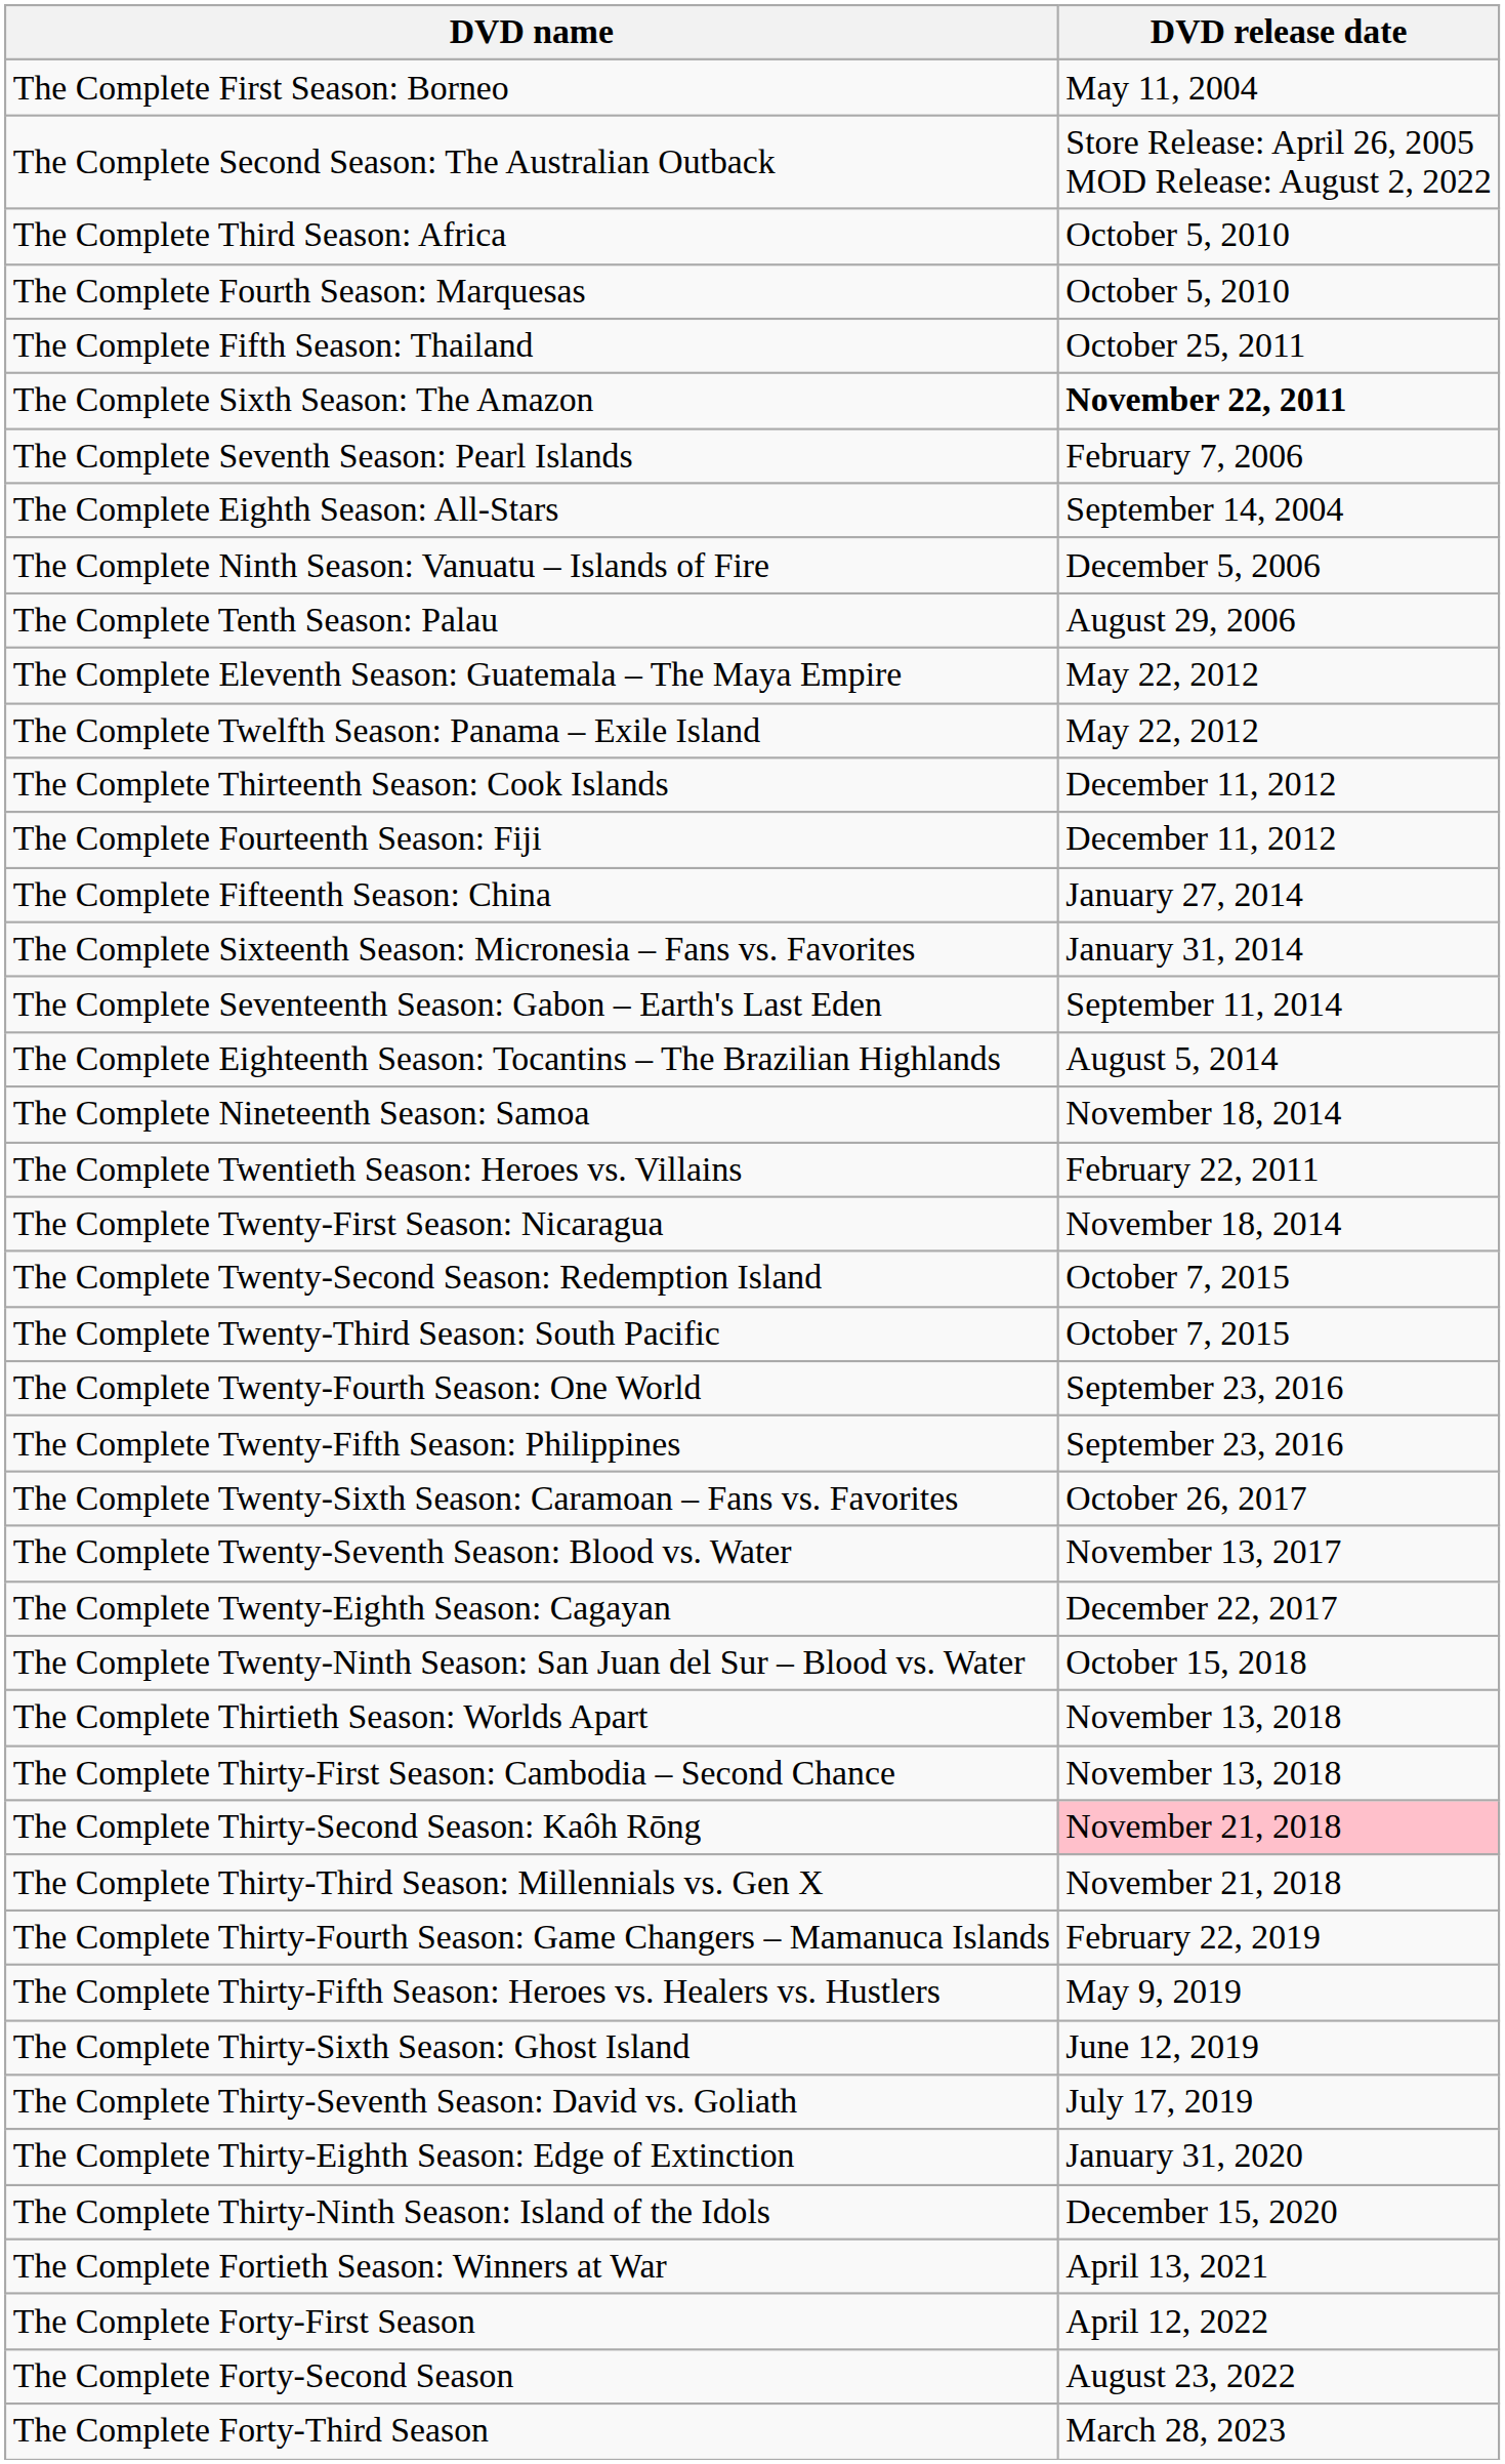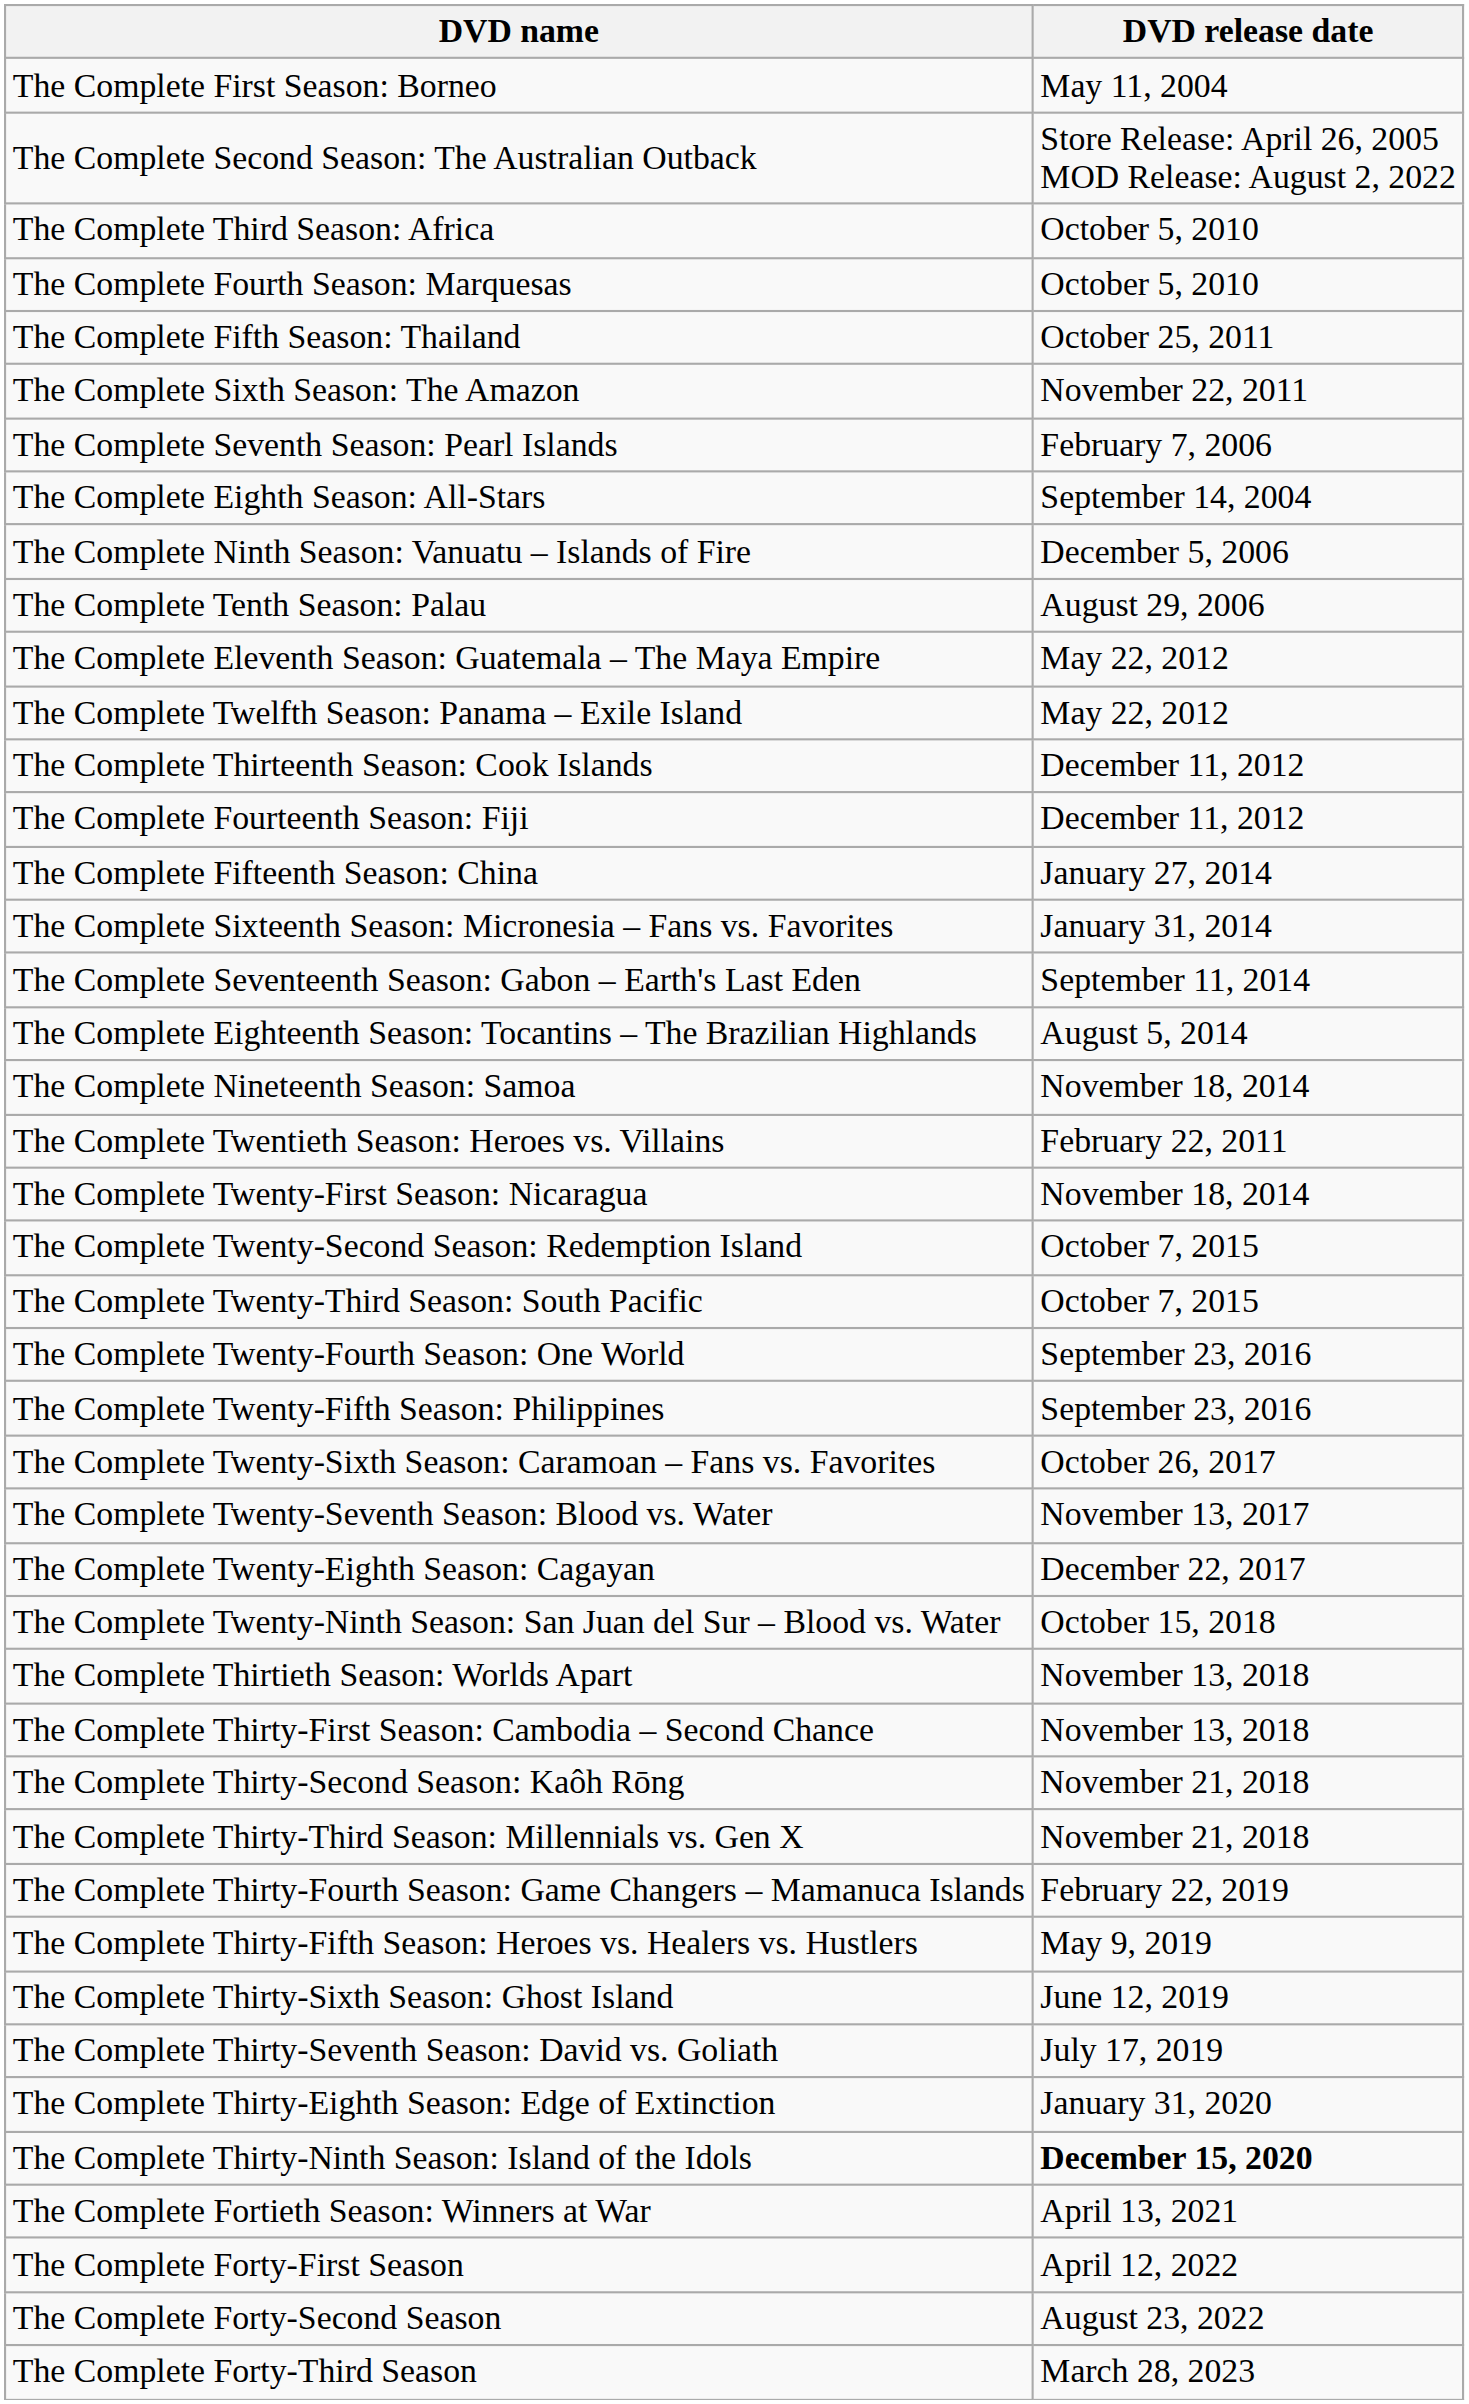 <table class="wikitable sortable">
 <tr>
 <th>DVD name</th>
 <th>DVD release date</th>
 </tr>
 <tr>
 <td>The Complete First Season: Borneo</td>
 <td>May 11, 2004</td>
 </tr>
 <tr>
 <td>The Complete Second Season: The Australian Outback</td>
 <td>Store Release: April 26, 2005<br>MOD Release: August 2, 2022</td>
 </tr>
 <tr>
 <td>The Complete Third Season: Africa</td>
 <td>October 5, 2010</td>
 </tr>
 <tr>
 <td>The Complete Fourth Season: Marquesas</td>
 <td>October 5, 2010</td>
 </tr>
 <tr>
 <td>The Complete Fifth Season: Thailand</td>
 <td>October 25, 2011</td>
 </tr>
 <tr>
 <td>The Complete Sixth Season: The Amazon</td>
-<td><strong>November 22, 2011</strong></td>
+<td>November 22, 2011</td>
 </tr>
 <tr>
 <td>The Complete Seventh Season: Pearl Islands</td>
 <td>February 7, 2006</td>
 </tr>
 <tr>
 <td>The Complete Eighth Season: All-Stars</td>
 <td>September 14, 2004</td>
 </tr>
 <tr>
 <td>The Complete Ninth Season: Vanuatu – Islands of Fire</td>
 <td>December 5, 2006</td>
 </tr>
 <tr>
 <td>The Complete Tenth Season: Palau</td>
 <td>August 29, 2006</td>
 </tr>
 <tr>
 <td>The Complete Eleventh Season: Guatemala – The Maya Empire</td>
 <td>May 22, 2012</td>
 </tr>
 <tr>
 <td>The Complete Twelfth Season: Panama – Exile Island</td>
 <td>May 22, 2012</td>
 </tr>
 <tr ,>
 <td>The Complete Thirteenth Season: Cook Islands</td>
 <td>December 11, 2012</td>
 </tr>
 <tr>
 <td>The Complete Fourteenth Season: Fiji</td>
 <td>December 11, 2012</td>
 </tr>
 <tr>
 <td>The Complete Fifteenth Season: China</td>
 <td>January 27, 2014</td>
 </tr>
 <tr>
 <td>The Complete Sixteenth Season: Micronesia – Fans vs. Favorites</td>
 <td>January 31, 2014</td>
 </tr>
 <tr>
 <td>The Complete Seventeenth Season: Gabon – Earth's Last Eden</td>
 <td>September 11, 2014</td>
 </tr>
 <tr>
 <td>The Complete Eighteenth Season: Tocantins – The Brazilian Highlands</td>
 <td>August 5, 2014</td>
 </tr>
 <tr>
 <td>The Complete Nineteenth Season: Samoa</td>
 <td>November 18, 2014</td>
 </tr>
 <tr>
 <td>The Complete Twentieth Season: Heroes vs. Villains</td>
 <td>February 22, 2011</td>
 </tr>
 <tr>
 <td>The Complete Twenty-First Season: Nicaragua</td>
 <td>November 18, 2014</td>
 </tr>
 <tr>
 <td>The Complete Twenty-Second Season: Redemption Island</td>
 <td>October 7, 2015</td>
 </tr>
 <tr>
 <td>The Complete Twenty-Third Season: South Pacific</td>
 <td>October 7, 2015</td>
 </tr>
 <tr>
 <td>The Complete Twenty-Fourth Season: One World</td>
 <td>September 23, 2016</td>
 </tr>
 <tr>
 <td>The Complete Twenty-Fifth Season: Philippines</td>
 <td>September 23, 2016</td>
 </tr>
 <tr>
 <td>The Complete Twenty-Sixth Season: Caramoan – Fans vs. Favorites</td>
 <td>October 26, 2017</td>
 </tr>
 <tr>
 <td>The Complete Twenty-Seventh Season: Blood vs. Water</td>
 <td>November 13, 2017</td>
 </tr>
 <tr>
 <td>The Complete Twenty-Eighth Season: Cagayan</td>
 <td>December 22, 2017</td>
 </tr>
 <tr>
 <td>The Complete Twenty-Ninth Season: San Juan del Sur – Blood vs. Water</td>
 <td>October 15, 2018</td>
 </tr>
 <tr>
 <td>The Complete Thirtieth Season: Worlds Apart</td>
 <td>November 13, 2018</td>
 </tr>
 <tr>
 <td>The Complete Thirty-First Season: Cambodia – Second Chance</td>
 <td>November 13, 2018</td>
 </tr>
 <tr>
 <td>The Complete Thirty-Second Season: Kaôh Rōng</td>
-<td style="background: pink;">November 21, 2018</td>
+<td>November 21, 2018</td>
 </tr>
 <tr>
 <td>The Complete Thirty-Third Season: Millennials vs. Gen X</td>
 <td>November 21, 2018</td>
 </tr>
 <tr>
 <td>The Complete Thirty-Fourth Season: Game Changers – Mamanuca Islands</td>
 <td>February 22, 2019</td>
 </tr>
 <tr>
 <td>The Complete Thirty-Fifth Season: Heroes vs. Healers vs. Hustlers</td>
 <td>May 9, 2019</td>
 </tr>
 <tr>
 <td>The Complete Thirty-Sixth Season: Ghost Island</td>
 <td>June 12, 2019</td>
 </tr>
 <tr>
 <td>The Complete Thirty-Seventh Season: David vs. Goliath</td>
 <td>July 17, 2019</td>
 </tr>
 <tr>
 <td>The Complete Thirty-Eighth Season: Edge of Extinction</td>
 <td>January 31, 2020</td>
 </tr>
 <tr>
 <td>The Complete Thirty-Ninth Season: Island of the Idols</td>
-<td>December 15, 2020</td>
+<td><strong>December 15, 2020</strong></td>
 </tr>
 <tr>
 <td>The Complete Fortieth Season: Winners at War</td>
 <td>April 13, 2021</td>
 </tr>
 <tr>
 <td>The Complete Forty-First Season</td>
 <td>April 12, 2022</td>
 </tr>
 <tr>
 <td>The Complete Forty-Second Season</td>
 <td>August 23, 2022</td>
 </tr>
 <tr>
 <td>The Complete Forty-Third Season</td>
 <td>March 28, 2023</td>
 </tr>
 </table>
